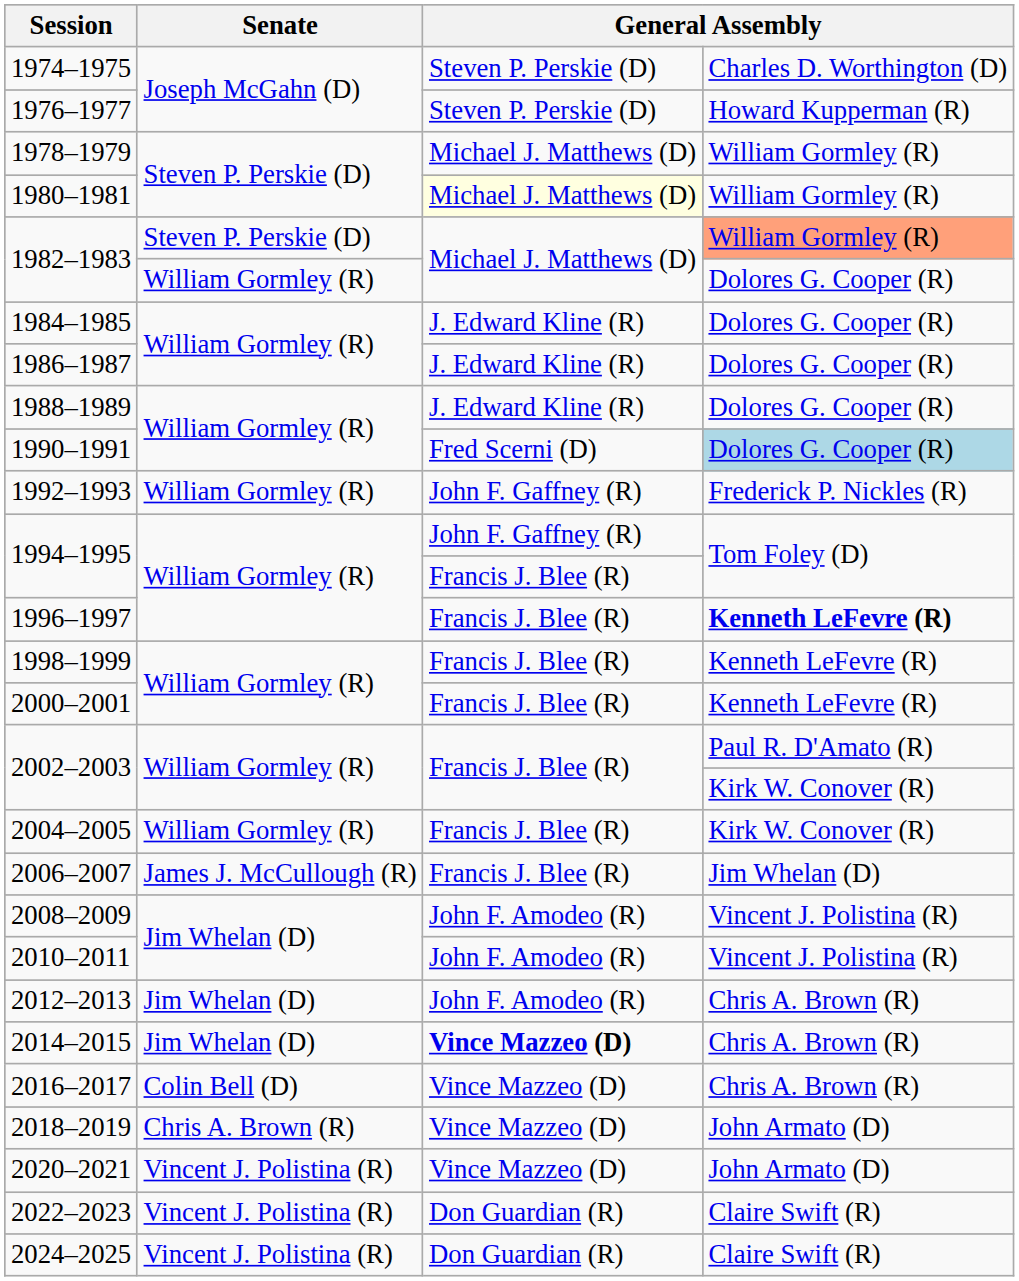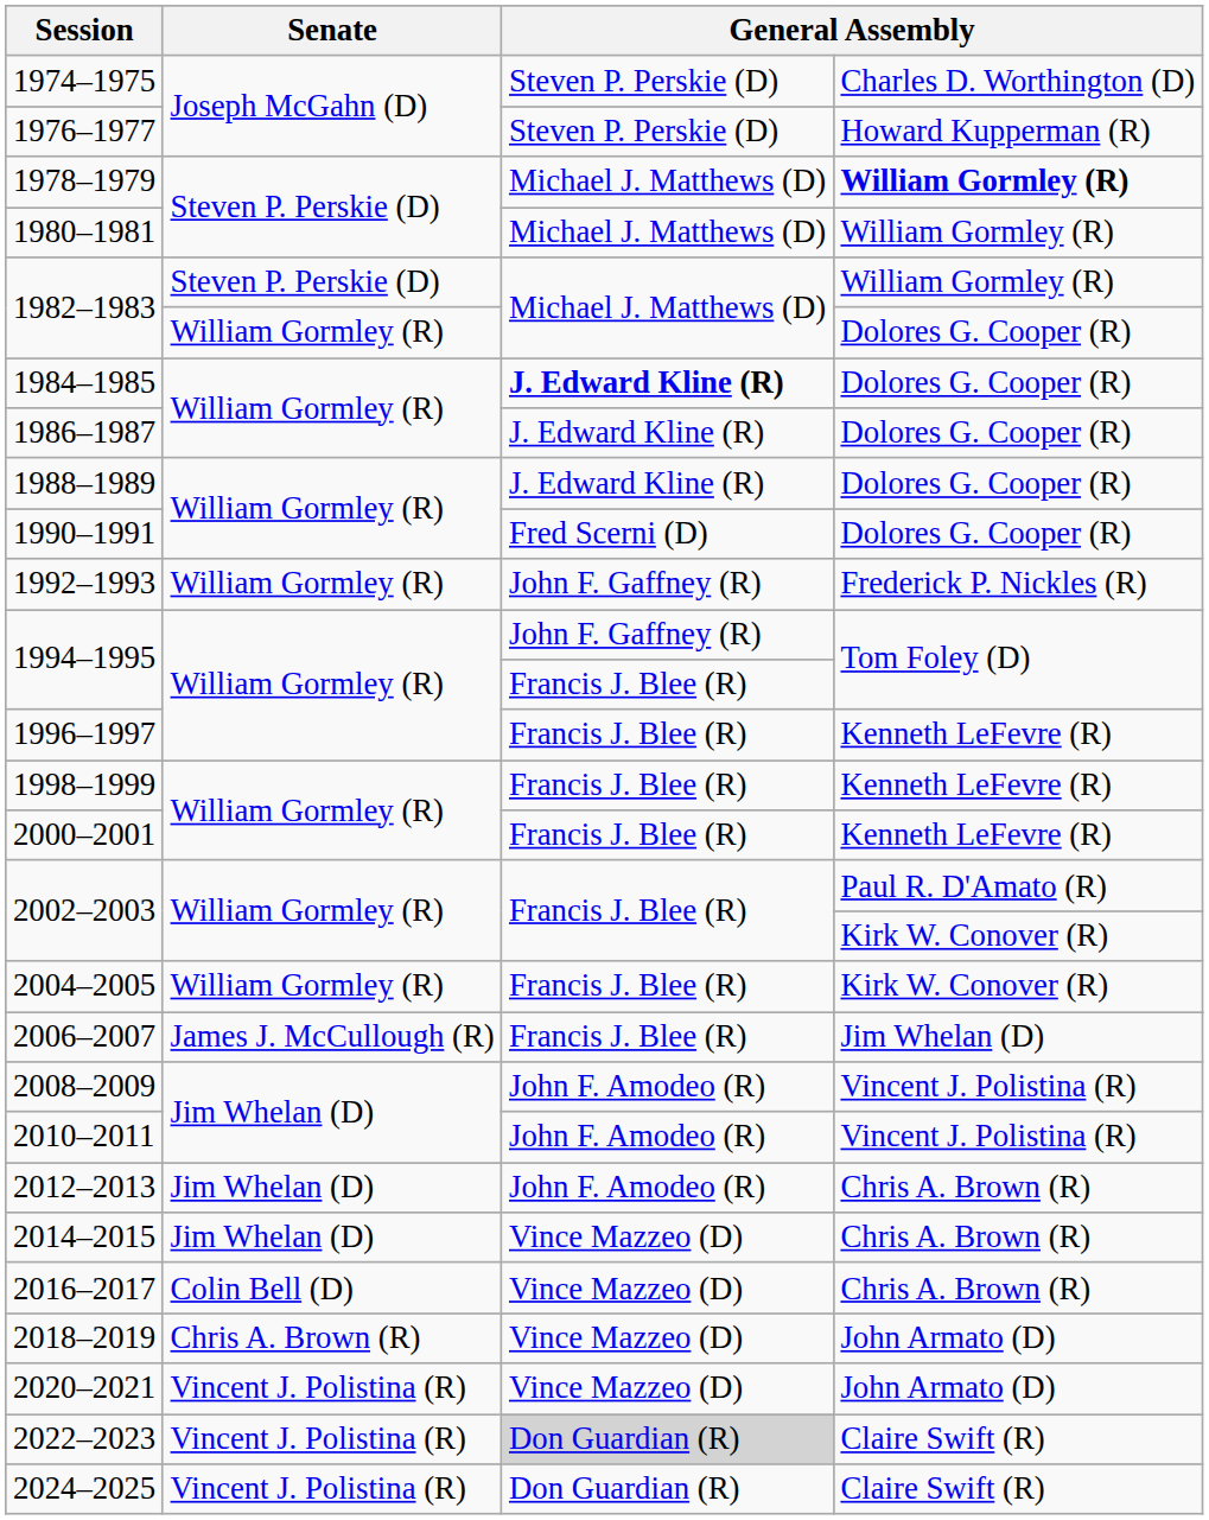 <table class="wikitable">
 <tr>
 <th>Session</th>
 <th>Senate</th>
 <th ! colspan=2>General Assembly</th>
 </tr>
 <tr>
 <td>1974–1975</td>
 <td !! ! rowspan=2 ><a href='#'>Joseph McGahn</a> (D)</td>
 <td><a href='#'>Steven P. Perskie</a> (D)</td>
 <td><a href='#'>Charles D. Worthington</a> (D)</td>
 </tr>
 <tr>
 <td>1976–1977</td>
 <td><a href='#'>Steven P. Perskie</a> (D)</td>
 <td><a href='#'>Howard Kupperman</a> (R)</td>
 </tr>
 <tr>
 <td>1978–1979</td>
 <td !! ! rowspan=2 ><a href='#'>Steven P. Perskie</a> (D)</td>
 <td><a href='#'>Michael J. Matthews</a> (D)</td>
-<td><a href='#'>William Gormley</a> (R)</td>
+<td><strong><a href='#'>William Gormley</a> (R)</strong></td>
 </tr>
 <tr>
 <td>1980–1981</td>
-<td style="background: lightyellow;"><a href='#'>Michael J. Matthews</a> (D)</td>
+<td><a href='#'>Michael J. Matthews</a> (D)</td>
 <td><a href='#'>William Gormley</a> (R)</td>
 </tr>
 <tr>
 <td rowspan=2>1982–1983</td>
 <td><a href='#'>Steven P. Perskie</a> (D)</td>
 <td rowspan=2 ><a href='#'>Michael J. Matthews</a> (D)</td>
-<td style="background: lightsalmon;"><a href='#'>William Gormley</a> (R)</td>
+<td><a href='#'>William Gormley</a> (R)</td>
 </tr>
 <tr>
 <td><a href='#'>William Gormley</a> (R)</td>
 <td><a href='#'>Dolores G. Cooper</a> (R)</td>
 </tr>
 <tr>
 <td>1984–1985</td>
 <td !! ! rowspan=2 ><a href='#'>William Gormley</a> (R)</td>
-<td><a href='#'>J. Edward Kline</a> (R)</td>
+<td><strong><a href='#'>J. Edward Kline</a> (R)</strong></td>
 <td><a href='#'>Dolores G. Cooper</a> (R)</td>
 </tr>
 <tr>
 <td>1986–1987</td>
 <td><a href='#'>J. Edward Kline</a> (R)</td>
 <td><a href='#'>Dolores G. Cooper</a> (R)</td>
 </tr>
 <tr>
 <td>1988–1989</td>
 <td !! ! rowspan=2 ><a href='#'>William Gormley</a> (R)</td>
 <td><a href='#'>J. Edward Kline</a> (R)</td>
 <td><a href='#'>Dolores G. Cooper</a> (R)</td>
 </tr>
 <tr>
 <td>1990–1991</td>
 <td><a href='#'>Fred Scerni</a> (D)</td>
-<td style="background: lightblue;"><a href='#'>Dolores G. Cooper</a> (R)</td>
+<td><a href='#'>Dolores G. Cooper</a> (R)</td>
 </tr>
 <tr>
 <td>1992–1993</td>
 <td><a href='#'>William Gormley</a> (R)</td>
 <td><a href='#'>John F. Gaffney</a> (R)</td>
 <td><a href='#'>Frederick P. Nickles</a> (R)</td>
 </tr>
 <tr>
 <td rowspan=2>1994–1995</td>
 <td rowspan=3 ><a href='#'>William Gormley</a> (R)</td>
 <td><a href='#'>John F. Gaffney</a> (R)</td>
 <td rowspan=2 ><a href='#'>Tom Foley</a> (D)</td>
 </tr>
 <tr>
 <td><a href='#'>Francis J. Blee</a> (R)</td>
 </tr>
 <tr>
 <td>1996–1997</td>
 <td><a href='#'>Francis J. Blee</a> (R)</td>
-<td><strong><a href='#'>Kenneth LeFevre</a> (R)</strong></td>
+<td><a href='#'>Kenneth LeFevre</a> (R)</td>
 </tr>
 <tr>
 <td>1998–1999</td>
 <td !! ! rowspan=2 ><a href='#'>William Gormley</a> (R)</td>
 <td><a href='#'>Francis J. Blee</a> (R)</td>
 <td><a href='#'>Kenneth LeFevre</a> (R)</td>
 </tr>
 <tr>
 <td>2000–2001</td>
 <td><a href='#'>Francis J. Blee</a> (R)</td>
 <td><a href='#'>Kenneth LeFevre</a> (R)</td>
 </tr>
 <tr>
 <td rowspan=2>2002–2003</td>
 <td !! ! rowspan=2 ><a href='#'>William Gormley</a> (R)</td>
 <td !! ! rowspan=2 ><a href='#'>Francis J. Blee</a> (R)</td>
 <td><a href='#'>Paul R. D'Amato</a> (R)</td>
 </tr>
 <tr>
 <td><a href='#'>Kirk W. Conover</a> (R)</td>
 </tr>
 <tr>
 <td>2004–2005</td>
 <td !! ! rowspan=2 ><a href='#'>William Gormley</a> (R)<small> </small><br></td>
 <td><a href='#'>Francis J. Blee</a> (R)</td>
 <td><a href='#'>Kirk W. Conover</a> (R)</td>
 </tr>
 <tr>
 <td rowspan=2>2006–2007</td>
 <td !! ! rowspan=2 ><a href='#'>Francis J. Blee</a> (R)</td>
 <td !! ! rowspan=2 ><a href='#'>Jim Whelan</a> (D)</td>
 </tr>
 <tr>
 <td><a href='#'>James J. McCullough</a> (R)</td>
 </tr>
 <tr>
 <td>2008–2009</td>
 <td !! ! rowspan=2 ><a href='#'>Jim Whelan</a> (D)</td>
 <td><a href='#'>John F. Amodeo</a> (R)</td>
 <td><a href='#'>Vincent J. Polistina</a> (R)</td>
 </tr>
 <tr>
 <td>2010–2011</td>
 <td><a href='#'>John F. Amodeo</a> (R)</td>
 <td><a href='#'>Vincent J. Polistina</a> (R)</td>
 </tr>
 <tr>
 <td>2012–2013</td>
 <td><a href='#'>Jim Whelan</a> (D)</td>
 <td><a href='#'>John F. Amodeo</a> (R)</td>
 <td><a href='#'>Chris A. Brown</a> (R)</td>
 </tr>
 <tr>
 <td>2014–2015</td>
 <td !! ! rowspan=2 ! ><a href='#'>Jim Whelan</a> (D)<small> </small></td>
-<td><strong><a href='#'>Vince Mazzeo</a> (D)</strong></td>
+<td><a href='#'>Vince Mazzeo</a> (D)</td>
 <td><a href='#'>Chris A. Brown</a> (R)</td>
 </tr>
 <tr>
 <td rowspan=2>2016–2017</td>
 <td rowspan=2 ><a href='#'>Vince Mazzeo</a> (D)</td>
 <td rowspan=2 ><a href='#'>Chris A. Brown</a> (R)</td>
 </tr>
 <tr>
 <td><a href='#'>Colin Bell</a> (D)</td>
 </tr>
 <tr>
 <td>2018–2019</td>
 <td rowspan=2 ><a href='#'>Chris A. Brown</a> (R)</td>
 <td><a href='#'>Vince Mazzeo</a> (D)</td>
 <td><a href='#'>John Armato</a> (D)</td>
 </tr>
 <tr>
 <td rowspan=2>2020–2021</td>
 <td rowspan=2 ><a href='#'>Vince Mazzeo</a> (D)</td>
 <td rowspan=2 ><a href='#'>John Armato</a> (D)</td>
 </tr>
 <tr>
 <td><a href='#'>Vincent J. Polistina</a> (R)</td>
 </tr>
 <tr>
 <td>2022–2023</td>
 <td><a href='#'>Vincent J. Polistina</a> (R)</td>
-<td><a href='#'>Don Guardian</a> (R)</td>
+<td style="background: lightgrey;"><a href='#'>Don Guardian</a> (R)</td>
 <td><a href='#'>Claire Swift</a> (R)</td>
 </tr>
 <tr>
 <td>2024–2025</td>
 <td><a href='#'>Vincent J. Polistina</a> (R)</td>
 <td><a href='#'>Don Guardian</a> (R)</td>
 <td><a href='#'>Claire Swift</a> (R)</td>
 </tr>
 </table>
